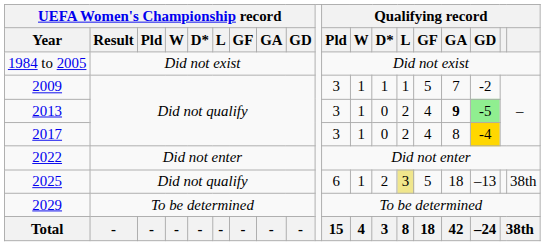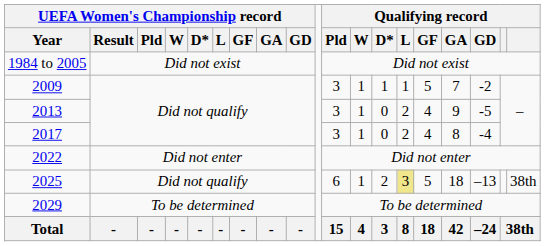 <table class="wikitable" style="text-align: center;">
 <tr>
 <th colspan=9><a href='#'>UEFA Women's Championship</a> record</th>
 <td rowspan=100></td>
 <th colspan=9>Qualifying record</th>
 </tr>
 <tr>
 <th>Year</th>
 <th>Result</th>
 <th>Pld</th>
 <th>W</th>
 <th>D*</th>
 <th>L</th>
 <th>GF</th>
 <th>GA</th>
 <th>GD<br></th>
 <th>Pld</th>
 <th>W</th>
 <th>D*</th>
 <th>L</th>
 <th>GF</th>
 <th>GA</th>
 <th>GD</th>
 <th></th>
 <th></th>
 </tr>
 <tr>
 <td><a href='#'>1984</a> to  <a href='#'>2005</a></td>
 <td colspan=8><em>Did not exist</em></td>
 <td colspan=9><em>Did not exist</em></td>
 </tr>
 <tr>
 <td> <a href='#'>2009</a></td>
 <td colspan=8 rowspan=3><em>Did not qualify</em></td>
 <td>3</td>
 <td>1</td>
 <td>1</td>
 <td>1</td>
 <td>5</td>
 <td>7</td>
 <td>-2</td>
 <td colspan=2 rowspan=3>–</td>
 </tr>
 <tr>
 <td> <a href='#'>2013</a></td>
 <td>3</td>
 <td>1</td>
 <td>0</td>
 <td>2</td>
 <td>4</td>
-<td><strong>9</strong></td>
-<td style="background: lightgreen;">-5</td>
+<td>9</td>
+<td>-5</td>
 </tr>
 <tr>
 <td> <a href='#'>2017</a></td>
 <td>3</td>
 <td>1</td>
 <td>0</td>
 <td>2</td>
 <td>4</td>
 <td>8</td>
-<td style="background: gold;">-4</td>
+<td>-4</td>
 </tr>
 <tr>
 <td> <a href='#'>2022</a></td>
 <td colspan=8><em>Did not enter</em></td>
 <td colspan=9><em>Did not enter</em></td>
 </tr>
 <tr>
 <td> <a href='#'>2025</a></td>
 <td colspan=8><em>Did not qualify</em></td>
 <td>6</td>
 <td>1</td>
 <td>2</td>
 <td style="background: khaki;">3</td>
 <td>5</td>
 <td>18</td>
 <td>–13</td>
 <td></td>
 <td>38th</td>
 </tr>
 <tr>
 <td><a href='#'>2029</a></td>
 <td colspan=8><em>To be determined</em></td>
 <td colspan=9><em>To be determined</em></td>
 </tr>
 <tr>
 <th>Total</th>
 <th>-</th>
 <th>-</th>
 <th>-</th>
 <th>-</th>
 <th>-</th>
 <th>-</th>
 <th>-</th>
 <th>-</th>
 <th>15</th>
 <th>4</th>
 <th>3</th>
 <th>8</th>
 <th>18</th>
 <th>42</th>
 <th>–24</th>
 <th colspan=2>38th</th>
 </tr>
 </table>
